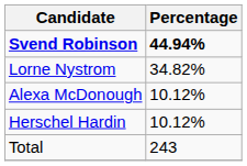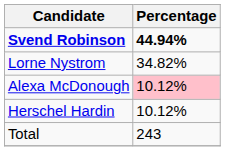 <table class="wikitable">
 <tr>
 <th>Candidate</th>
 <th>Percentage</th>
 </tr>
 <tr>
 <td><strong><a href='#'>Svend Robinson</a></strong></td>
 <td><strong>44.94%</strong></td>
 </tr>
 <tr>
 <td><a href='#'>Lorne Nystrom</a></td>
 <td>34.82%</td>
 </tr>
 <tr>
 <td><a href='#'>Alexa McDonough</a></td>
-<td>10.12%</td>
+<td style="background: pink;">10.12%</td>
 </tr>
 <tr>
 <td><a href='#'>Herschel Hardin</a></td>
 <td>10.12%</td>
 </tr>
 <tr>
 <td>Total</td>
 <td>243</td>
 </tr>
 <tr>
 </tr>
 </table>
